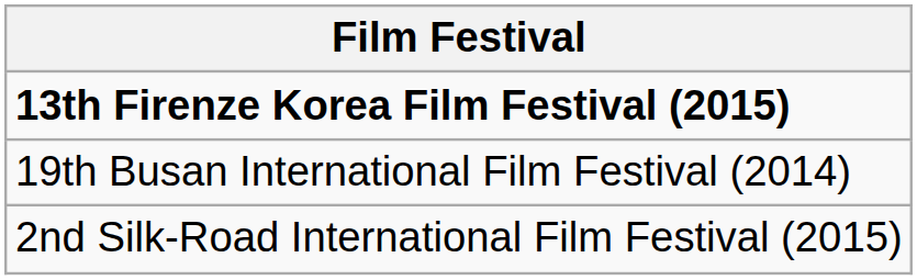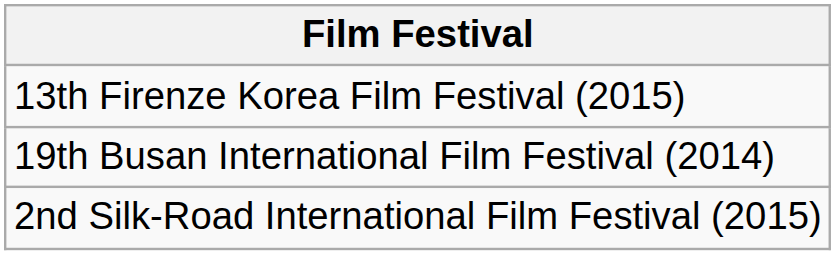 <table class="wikitable">
 <tr>
 <th>Film Festival</th>
 </tr>
 <tr>
-<td rowspan="1"><strong>13th Firenze Korea Film Festival (2015)</strong></td>
+<td rowspan="1">13th Firenze Korea Film Festival (2015)</td>
 </tr>
 <tr>
 <td rowspan="1">19th Busan International Film Festival (2014)</td>
 </tr>
 <tr>
 <td rowspan="1">2nd Silk-Road International Film Festival (2015)</td>
 </tr>
 </table>
